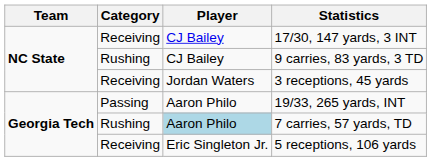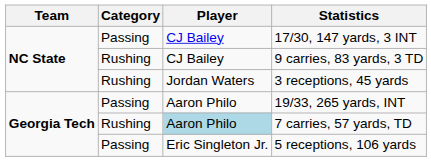 <table class="wikitable" style="float: right;">
 <tr>
 <th>Team</th>
 <th>Category</th>
 <th>Player</th>
 <th>Statistics</th>
 </tr>
 <tr>
 <td rowspan=3><strong>NC State</strong></td>
-<td>Receiving</td>
+<td>Passing</td>
 <td><a href='#'>CJ Bailey</a></td>
 <td>17/30, 147 yards, 3 INT</td>
 </tr>
 <tr>
 <td>Rushing</td>
 <td>CJ Bailey</td>
 <td>9 carries, 83 yards, 3 TD</td>
 </tr>
 <tr>
-<td>Receiving</td>
+<td>Rushing</td>
 <td>Jordan Waters</td>
 <td>3 receptions, 45 yards</td>
 </tr>
 <tr>
 <td rowspan=3><strong>Georgia Tech</strong></td>
 <td>Passing</td>
 <td>Aaron Philo</td>
 <td>19/33, 265 yards, INT</td>
 </tr>
 <tr>
 <td>Rushing</td>
 <td style="background: lightblue;">Aaron Philo</td>
 <td>7 carries, 57 yards, TD</td>
 </tr>
 <tr>
-<td>Receiving</td>
+<td>Passing</td>
 <td>Eric Singleton Jr.</td>
 <td>5 receptions, 106 yards</td>
 </tr>
 </table>
